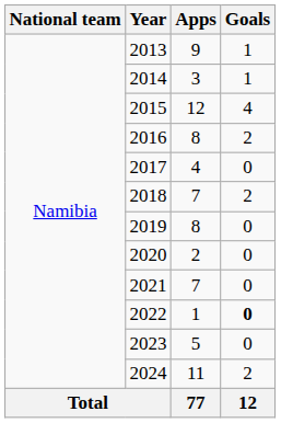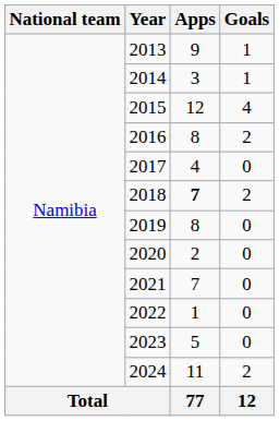 <table class=wikitable style=text-align:center>
 <tr>
 <th>National team</th>
 <th>Year</th>
 <th>Apps</th>
 <th>Goals</th>
 </tr>
 <tr>
 <td rowspan="12"><a href='#'>Namibia</a></td>
 <td>2013</td>
 <td>9</td>
 <td>1</td>
 </tr>
 <tr>
 <td>2014</td>
 <td>3</td>
 <td>1</td>
 </tr>
 <tr>
 <td>2015</td>
 <td>12</td>
 <td>4</td>
 </tr>
 <tr>
 <td>2016</td>
 <td>8</td>
 <td>2</td>
 </tr>
 <tr>
 <td>2017</td>
 <td>4</td>
 <td>0</td>
 </tr>
 <tr>
 <td>2018</td>
-<td>7</td>
+<td><strong>7</strong></td>
 <td>2</td>
 </tr>
 <tr>
 <td>2019</td>
 <td>8</td>
 <td>0</td>
 </tr>
 <tr>
 <td>2020</td>
 <td>2</td>
 <td>0</td>
 </tr>
 <tr>
 <td>2021</td>
 <td>7</td>
 <td>0</td>
 </tr>
 <tr>
 <td>2022</td>
 <td>1</td>
-<td><strong>0</strong></td>
+<td>0</td>
 </tr>
 <tr>
 <td>2023</td>
 <td>5</td>
 <td>0</td>
 </tr>
 <tr>
 <td>2024</td>
 <td>11</td>
 <td>2</td>
 </tr>
 <tr>
 <th colspan="2">Total</th>
 <th>77</th>
 <th>12</th>
 </tr>
 </table>
